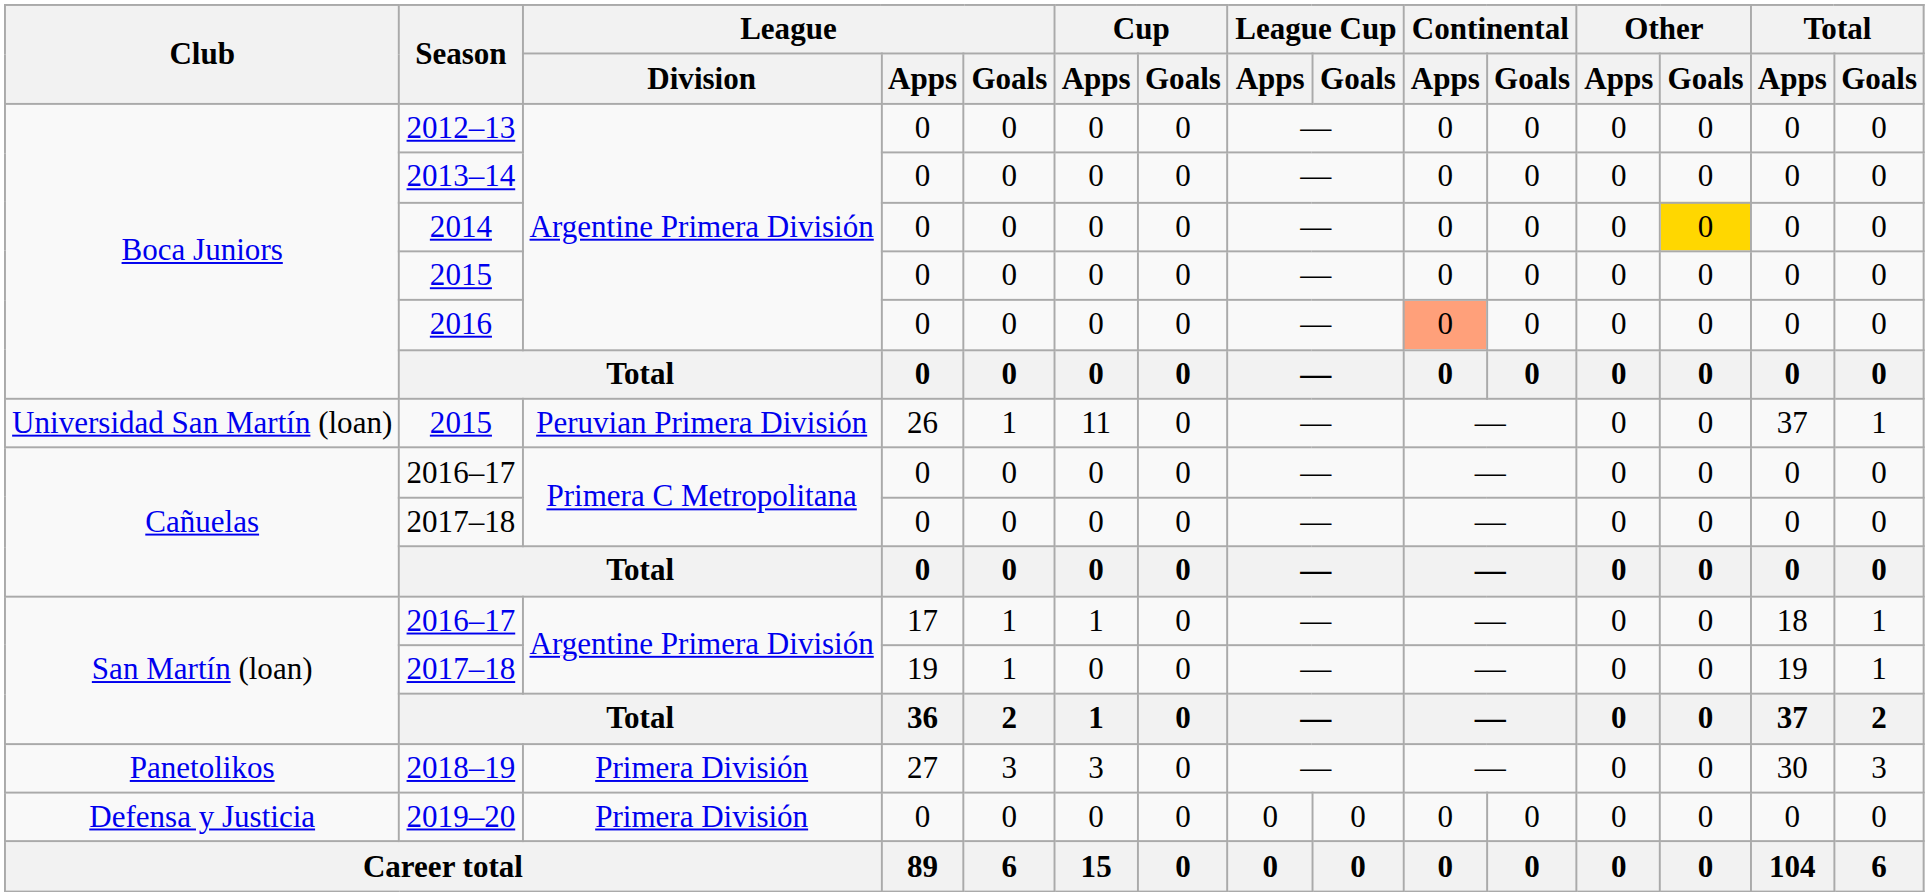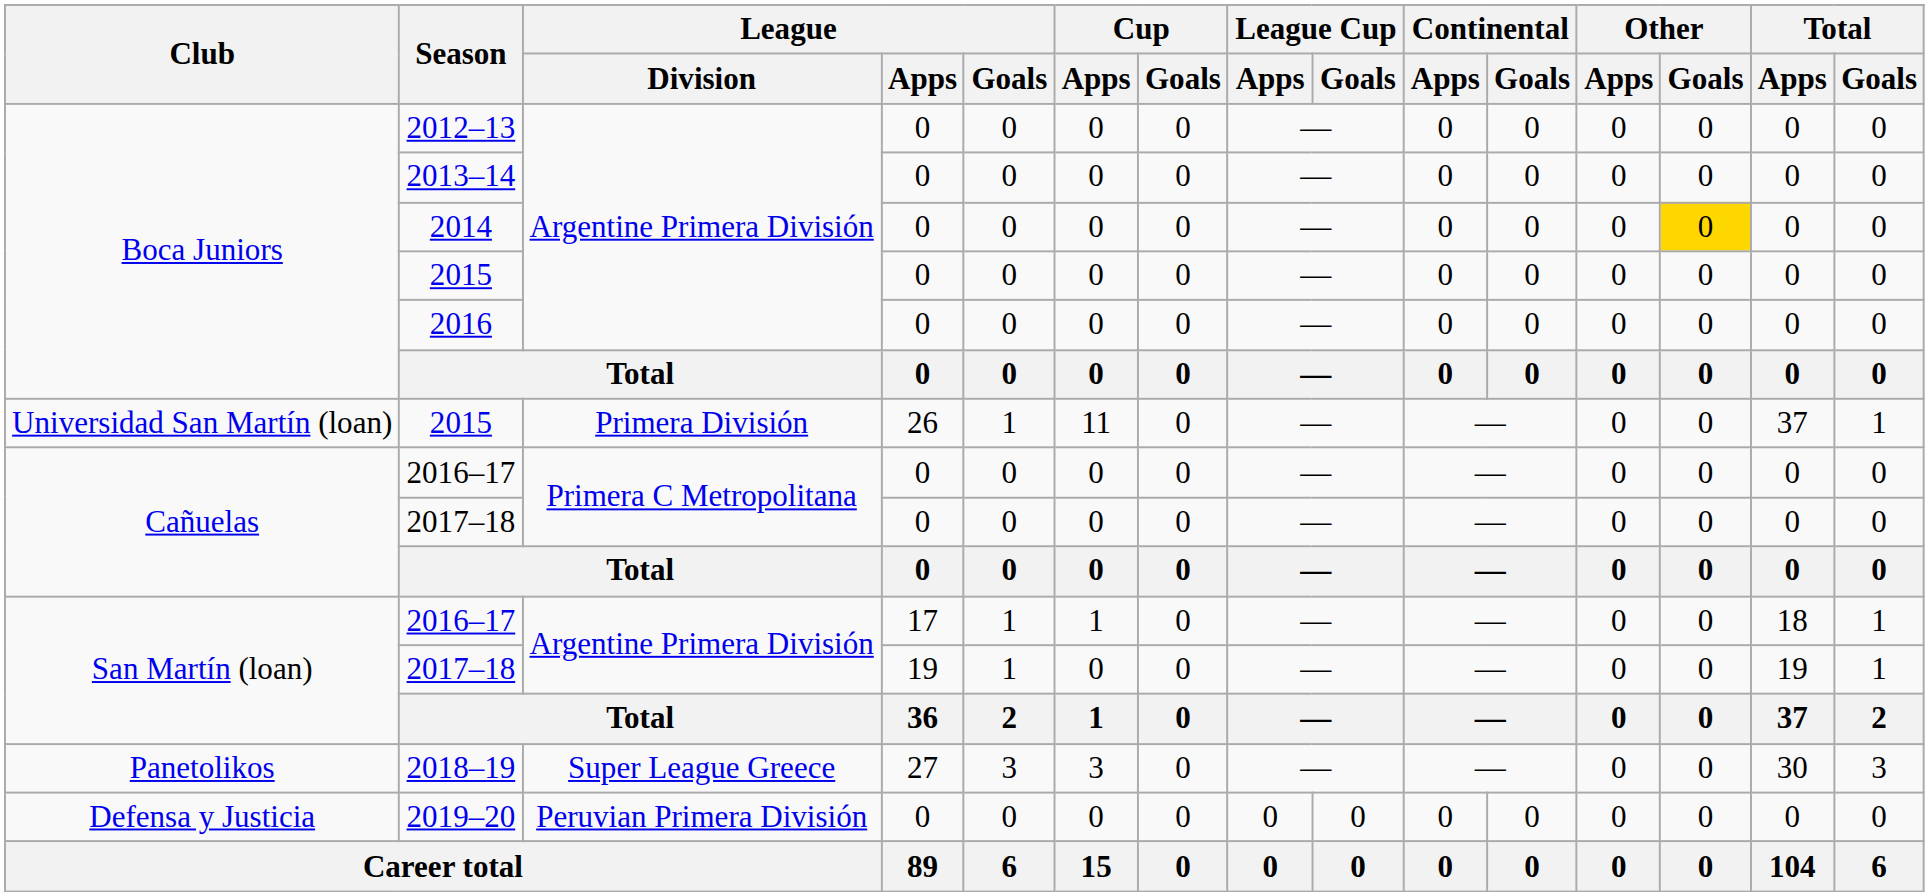 <table class="wikitable" style="text-align:center">
 <tr>
 <th rowspan="2">Club</th>
 <th rowspan="2">Season</th>
 <th colspan="3">League</th>
 <th colspan="2">Cup</th>
 <th colspan="2">League Cup</th>
 <th colspan="2">Continental</th>
 <th colspan="2">Other</th>
 <th colspan="2">Total</th>
 </tr>
 <tr>
 <th>Division</th>
 <th>Apps</th>
 <th>Goals</th>
 <th>Apps</th>
 <th>Goals</th>
 <th>Apps</th>
 <th>Goals</th>
 <th>Apps</th>
 <th>Goals</th>
 <th>Apps</th>
 <th>Goals</th>
 <th>Apps</th>
 <th>Goals</th>
 </tr>
 <tr>
 <td rowspan="6"><a href='#'>Boca Juniors</a></td>
 <td><a href='#'>2012–13</a></td>
 <td rowspan="5"><a href='#'>Argentine Primera División</a></td>
 <td>0</td>
 <td>0</td>
 <td>0</td>
 <td>0</td>
 <td colspan="2">—</td>
 <td>0</td>
 <td>0</td>
 <td>0</td>
 <td>0</td>
 <td>0</td>
 <td>0</td>
 </tr>
 <tr>
 <td><a href='#'>2013–14</a></td>
 <td>0</td>
 <td>0</td>
 <td>0</td>
 <td>0</td>
 <td colspan="2">—</td>
 <td>0</td>
 <td>0</td>
 <td>0</td>
 <td>0</td>
 <td>0</td>
 <td>0</td>
 </tr>
 <tr>
 <td><a href='#'>2014</a></td>
 <td>0</td>
 <td>0</td>
 <td>0</td>
 <td>0</td>
 <td colspan="2">—</td>
 <td>0</td>
 <td>0</td>
 <td>0</td>
 <td style="background: gold;">0</td>
 <td>0</td>
 <td>0</td>
 </tr>
 <tr>
 <td><a href='#'>2015</a></td>
 <td>0</td>
 <td>0</td>
 <td>0</td>
 <td>0</td>
 <td colspan="2">—</td>
 <td>0</td>
 <td>0</td>
 <td>0</td>
 <td>0</td>
 <td>0</td>
 <td>0</td>
 </tr>
 <tr>
 <td><a href='#'>2016</a></td>
 <td>0</td>
 <td>0</td>
 <td>0</td>
 <td>0</td>
 <td colspan="2">—</td>
-<td style="background: lightsalmon;">0</td>
+<td>0</td>
 <td>0</td>
 <td>0</td>
 <td>0</td>
 <td>0</td>
 <td>0</td>
 </tr>
 <tr>
 <th colspan="2">Total</th>
 <th>0</th>
 <th>0</th>
 <th>0</th>
 <th>0</th>
 <th colspan="2">—</th>
 <th>0</th>
 <th>0</th>
 <th>0</th>
 <th>0</th>
 <th>0</th>
 <th>0</th>
 </tr>
 <tr>
 <td rowspan="1"><a href='#'>Universidad San Martín</a> (loan)</td>
 <td><a href='#'>2015</a></td>
-<td rowspan="1"><a href='#'>Peruvian Primera División</a></td>
+<td rowspan="1"><a href='#'>Primera División</a></td>
 <td>26</td>
 <td>1</td>
 <td>11</td>
 <td>0</td>
 <td colspan="2">—</td>
 <td colspan="2">—</td>
 <td>0</td>
 <td>0</td>
 <td>37</td>
 <td>1</td>
 </tr>
 <tr>
 <td rowspan="3"><a href='#'>Cañuelas</a></td>
 <td>2016–17</td>
 <td rowspan="2"><a href='#'>Primera C Metropolitana</a></td>
 <td>0</td>
 <td>0</td>
 <td>0</td>
 <td>0</td>
 <td colspan="2">—</td>
 <td colspan="2">—</td>
 <td>0</td>
 <td>0</td>
 <td>0</td>
 <td>0</td>
 </tr>
 <tr>
 <td>2017–18</td>
 <td>0</td>
 <td>0</td>
 <td>0</td>
 <td>0</td>
 <td colspan="2">—</td>
 <td colspan="2">—</td>
 <td>0</td>
 <td>0</td>
 <td>0</td>
 <td>0</td>
 </tr>
 <tr>
 <th colspan="2">Total</th>
 <th>0</th>
 <th>0</th>
 <th>0</th>
 <th>0</th>
 <th colspan="2">—</th>
 <th colspan="2">—</th>
 <th>0</th>
 <th>0</th>
 <th>0</th>
 <th>0</th>
 </tr>
 <tr>
 <td rowspan="3"><a href='#'>San Martín</a> (loan)</td>
 <td><a href='#'>2016–17</a></td>
 <td rowspan="2"><a href='#'>Argentine Primera División</a></td>
 <td>17</td>
 <td>1</td>
 <td>1</td>
 <td>0</td>
 <td colspan="2">—</td>
 <td colspan="2">—</td>
 <td>0</td>
 <td>0</td>
 <td>18</td>
 <td>1</td>
 </tr>
 <tr>
 <td><a href='#'>2017–18</a></td>
 <td>19</td>
 <td>1</td>
 <td>0</td>
 <td>0</td>
 <td colspan="2">—</td>
 <td colspan="2">—</td>
 <td>0</td>
 <td>0</td>
 <td>19</td>
 <td>1</td>
 </tr>
 <tr>
 <th colspan="2">Total</th>
 <th>36</th>
 <th>2</th>
 <th>1</th>
 <th>0</th>
 <th colspan="2">—</th>
 <th colspan="2">—</th>
 <th>0</th>
 <th>0</th>
 <th>37</th>
 <th>2</th>
 </tr>
 <tr>
 <td rowspan="1"><a href='#'>Panetolikos</a></td>
 <td><a href='#'>2018–19</a></td>
-<td rowspan="1"><a href='#'>Primera División</a></td>
+<td rowspan="1"><a href='#'>Super League Greece</a></td>
 <td>27</td>
 <td>3</td>
 <td>3</td>
 <td>0</td>
 <td colspan="2">—</td>
 <td colspan="2">—</td>
 <td>0</td>
 <td>0</td>
 <td>30</td>
 <td>3</td>
 </tr>
 <tr>
 <td rowspan="1"><a href='#'>Defensa y Justicia</a></td>
 <td><a href='#'>2019–20</a></td>
-<td rowspan="1"><a href='#'>Primera División</a></td>
+<td rowspan="1"><a href='#'>Peruvian Primera División</a></td>
 <td>0</td>
 <td>0</td>
 <td>0</td>
 <td>0</td>
 <td>0</td>
 <td>0</td>
 <td>0</td>
 <td>0</td>
 <td>0</td>
 <td>0</td>
 <td>0</td>
 <td>0</td>
 </tr>
 <tr>
 <th colspan="3">Career total</th>
 <th>89</th>
 <th>6</th>
 <th>15</th>
 <th>0</th>
 <th>0</th>
 <th>0</th>
 <th>0</th>
 <th>0</th>
 <th>0</th>
 <th>0</th>
 <th>104</th>
 <th>6</th>
 </tr>
 </table>
